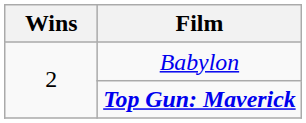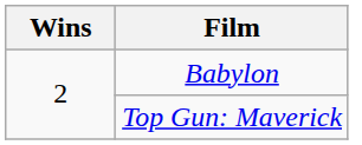 <table class="wikitable" rowspan="2" style="text-align:center" background: #f6e39c;>
 <tr>
 <th scope="col" style="width:55px;">Wins</th>
 <th scope="col" style="text-align:center;">Film</th>
 </tr>
 <tr>
 <td rowspan="2" style="text-align:center">2</td>
 <td><em><a href='#'>Babylon</a></em></td>
 </tr>
 <tr>
-<td><strong><em><a href='#'>Top Gun: Maverick</a></em></strong></td>
+<td><em><a href='#'>Top Gun: Maverick</a></em></td>
 </tr>
 </table>
